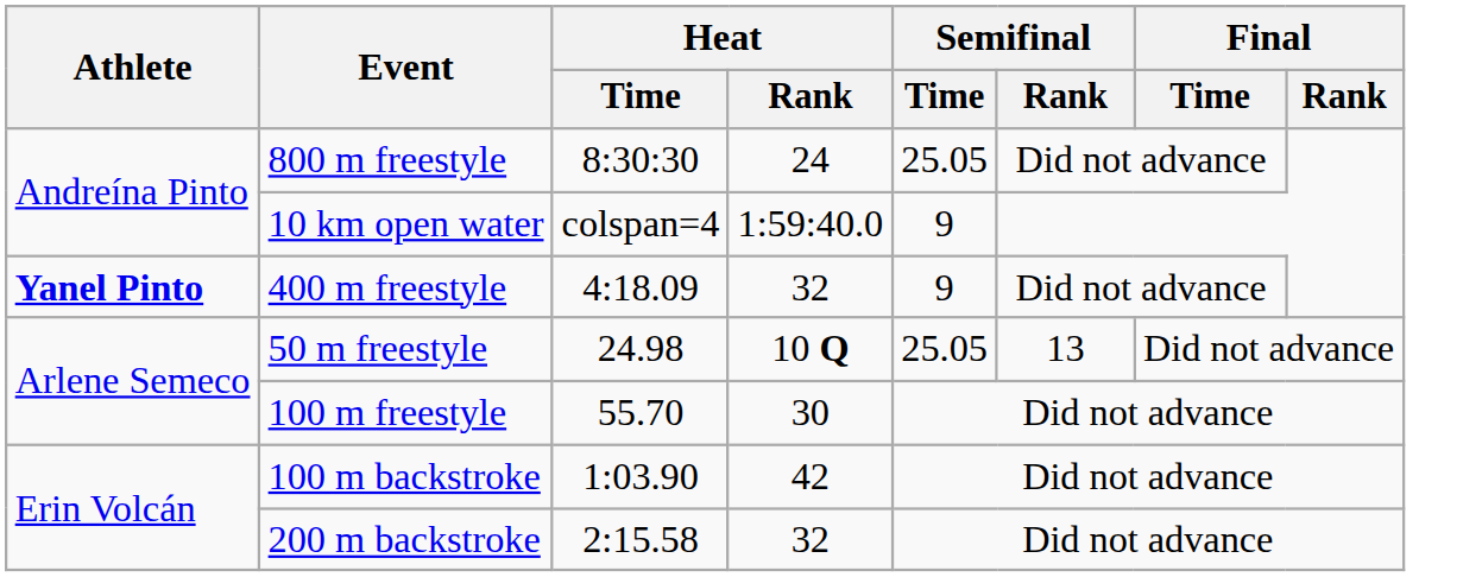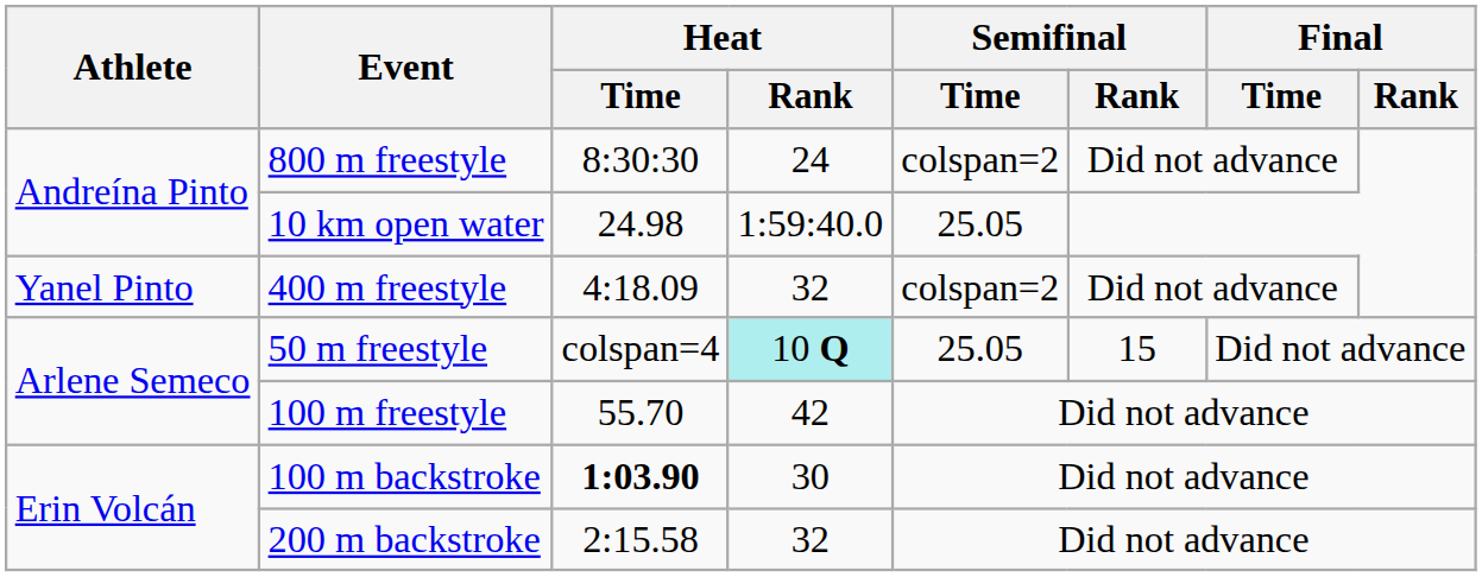 <table class=wikitable style="font-size:90%">
 <tr>
 <th rowspan="2">Athlete</th>
 <th rowspan="2">Event</th>
 <th colspan="2">Heat</th>
 <th colspan="2">Semifinal</th>
 <th colspan="2">Final</th>
 </tr>
 <tr style="font-size:95%">
 <th>Time</th>
 <th>Rank</th>
 <th>Time</th>
 <th>Rank</th>
 <th>Time</th>
 <th>Rank</th>
 </tr>
 <tr align=center>
 <td align=left rowspan=2><a href='#'>Andreína Pinto</a></td>
 <td align=left><a href='#'>800 m freestyle</a></td>
 <td>8:30:30</td>
 <td>24</td>
-<td>25.05</td>
+<td>colspan=2 </td>
 <td colspan=2>Did not advance</td>
 </tr>
 <tr align=center>
 <td align=left><a href='#'>10 km open water</a></td>
-<td>colspan=4 </td>
+<td>24.98</td>
 <td>1:59:40.0</td>
-<td>9</td>
+<td>25.05</td>
 </tr>
 <tr align=center>
-<td align=left><strong><a href='#'>Yanel Pinto</a></strong></td>
+<td align=left><a href='#'>Yanel Pinto</a></td>
 <td align=left><a href='#'>400 m freestyle</a></td>
 <td>4:18.09</td>
 <td>32</td>
-<td>9</td>
+<td>colspan=2 </td>
 <td colspan=2>Did not advance</td>
 </tr>
 <tr align=center>
 <td align=left rowspan=2><a href='#'>Arlene Semeco</a></td>
 <td align=left><a href='#'>50 m freestyle</a></td>
-<td>24.98</td>
-<td>10 <strong>Q</strong></td>
+<td>colspan=4 </td>
+<td style="background: paleturquoise;">10 <strong>Q</strong></td>
 <td>25.05</td>
-<td>13</td>
+<td>15</td>
 <td colspan=2>Did not advance</td>
 </tr>
 <tr align=center>
 <td align=left><a href='#'>100 m freestyle</a></td>
 <td>55.70</td>
-<td>30</td>
+<td>42</td>
 <td colspan=4>Did not advance</td>
 </tr>
 <tr align=center>
 <td align=left rowspan=2><a href='#'>Erin Volcán</a></td>
 <td align=left><a href='#'>100 m backstroke</a></td>
-<td>1:03.90</td>
-<td>42</td>
+<td><strong>1:03.90</strong></td>
+<td>30</td>
 <td colspan=4>Did not advance</td>
 </tr>
 <tr align=center>
 <td align=left><a href='#'>200 m backstroke</a></td>
 <td>2:15.58</td>
 <td>32</td>
 <td colspan=4>Did not advance</td>
 </tr>
 </table>
